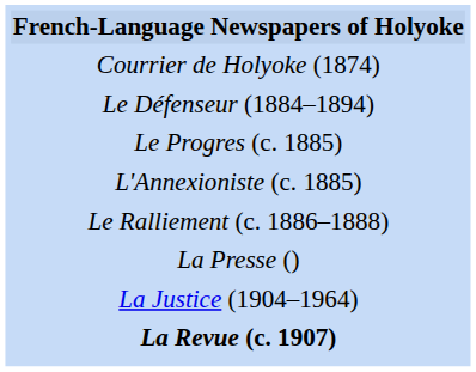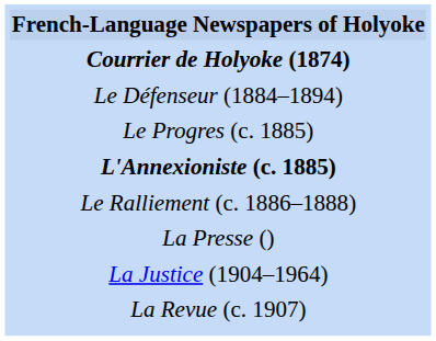 <table class="toccolours" style="float: right; margin-right: 1em; margin-left: 0em; margin-bottom: 1em; font-size: 85%; background:#c6dbf7; color:black; width:fit-content; max-width: 20%;" cellspacing="3">
 <tr>
 <td colspan="2" style="text-align: center;font-weight:bold;background-color:#bbd0ec;">French-Language Newspapers of Holyoke</td>
 </tr>
 <tr>
-<td style="text-align: center;"><em>Courrier de Holyoke</em> (1874)</td>
+<td style="text-align: center;"><strong><em>Courrier de Holyoke</em> (1874)</strong></td>
 </tr>
 <tr>
 <td style="text-align: center;"><em>Le Défenseur</em> (1884–1894)</td>
 </tr>
 <tr>
 <td style="text-align: center;"><em>Le Progres</em> (c. 1885)</td>
 </tr>
 <tr>
-<td style="text-align: center;"><em>L'Annexioniste</em> (c. 1885)</td>
+<td style="text-align: center;"><strong><em>L'Annexioniste</em> (c. 1885)</strong></td>
 </tr>
 <tr>
 <td style="text-align: center;"><em>Le Ralliement</em> (c. 1886–1888)</td>
 </tr>
 <tr>
 <td style="text-align: center;"><em>La Presse</em> ()</td>
 </tr>
 <tr>
 <td style="text-align: center;"><em><a href='#'>La Justice</a></em> (1904–1964)</td>
 </tr>
 <tr>
-<td style="text-align: center;"><strong><em>La Revue</em> (c. 1907)</strong></td>
+<td style="text-align: center;"><em>La Revue</em> (c. 1907)</td>
 </tr>
 <tr>
 </tr>
 </table>
